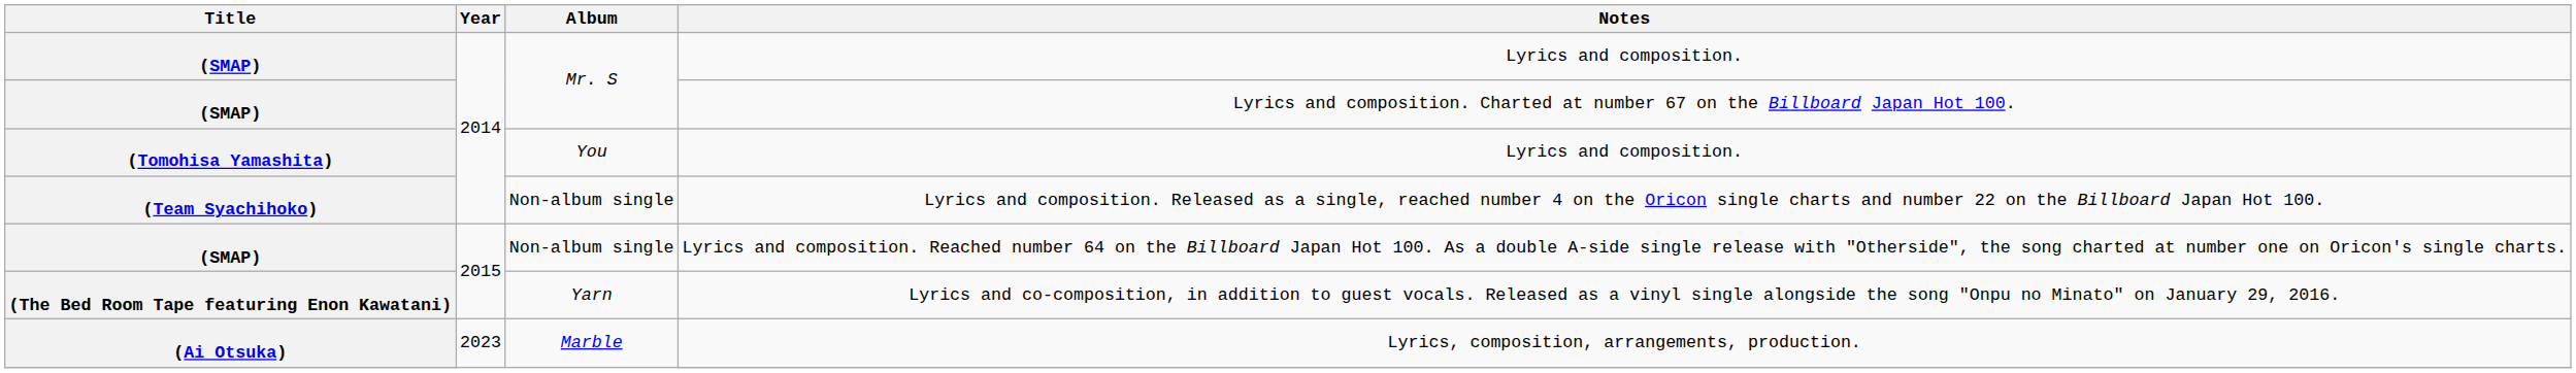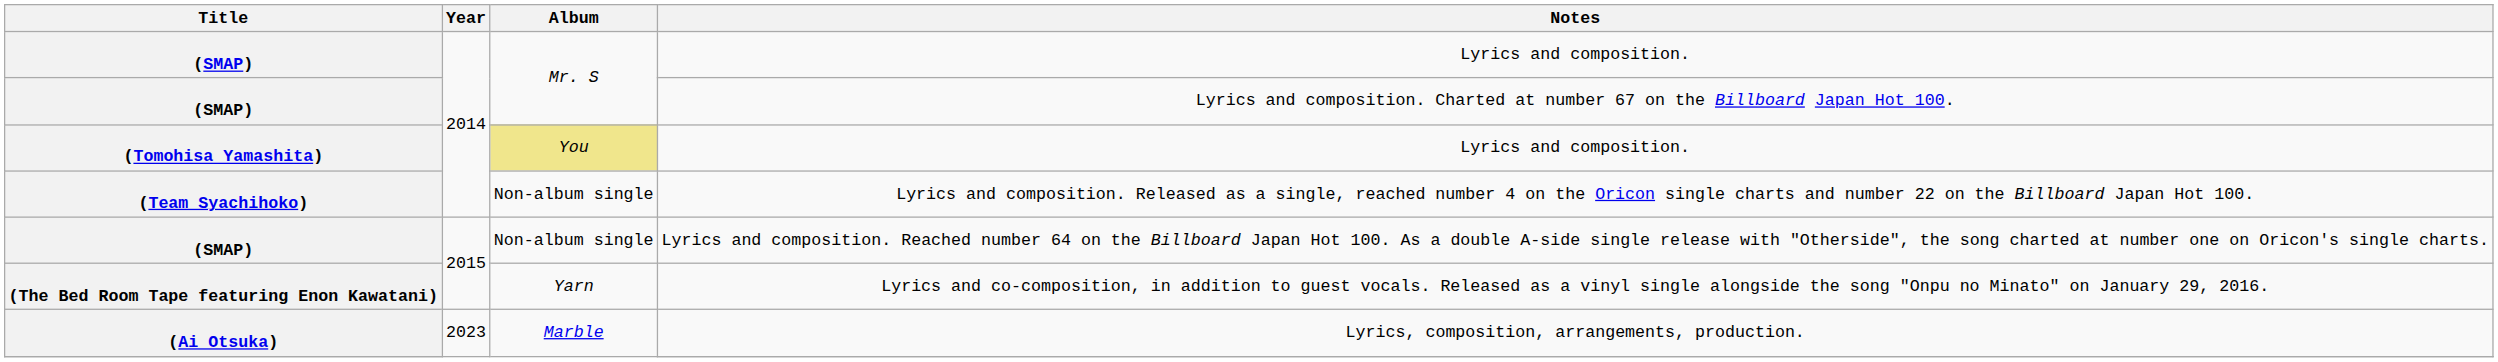 <table class="wikitable plainrowheaders" style="text-align:center;">
 <tr>
 <th scope="col">Title</th>
 <th scope="col">Year</th>
 <th scope="col">Album</th>
 <th scope="col">Notes</th>
 </tr>
 <tr>
 <th scope="row"><br><span>(<a href='#'>SMAP</a>)</span></th>
 <td rowspan="4">2014</td>
 <td rowspan="2"><em>Mr. S</em></td>
 <td>Lyrics and composition.</td>
 </tr>
 <tr>
 <th scope="row"><br><span>(SMAP)</span></th>
 <td>Lyrics and composition. Charted at number 67 on the <em><a href='#'>Billboard</a></em> <a href='#'>Japan Hot 100</a>.</td>
 </tr>
 <tr>
 <th scope="row"><br><span>(<a href='#'>Tomohisa Yamashita</a>)</span></th>
-<td><em>You</em></td>
+<td style="background: khaki;"><em>You</em></td>
 <td>Lyrics and composition.</td>
 </tr>
 <tr>
 <th scope="row"><br><span>(<a href='#'>Team Syachihoko</a>)</span></th>
 <td>Non-album single</td>
 <td>Lyrics and composition. Released as a single, reached number 4 on the <a href='#'>Oricon</a> single charts and number 22 on the <em>Billboard</em> Japan Hot 100.</td>
 </tr>
 <tr>
 <th scope="row"><br><span>(SMAP)</span></th>
 <td rowspan="2">2015</td>
 <td>Non-album single</td>
 <td>Lyrics and composition. Reached number 64 on the <em>Billboard</em> Japan Hot 100. As a double A-side single release with "Otherside", the song charted at number one on Oricon's single charts.</td>
 </tr>
 <tr>
 <th scope="row"><br><span>(The Bed Room Tape featuring Enon Kawatani)</span></th>
 <td><em>Yarn</em></td>
 <td>Lyrics and co-composition, in addition to guest vocals. Released as a vinyl single alongside the song "Onpu no Minato" on January 29, 2016.</td>
 </tr>
 <tr>
 <th scope="row"><br><span>(<a href='#'>Ai Otsuka</a>)</span></th>
 <td rowspan="4">2023</td>
 <td rowspan="2"><em><a href='#'>Marble</a></em></td>
 <td>Lyrics, composition, arrangements, production.</td>
 </tr>
 <tr>
 </tr>
 </table>
